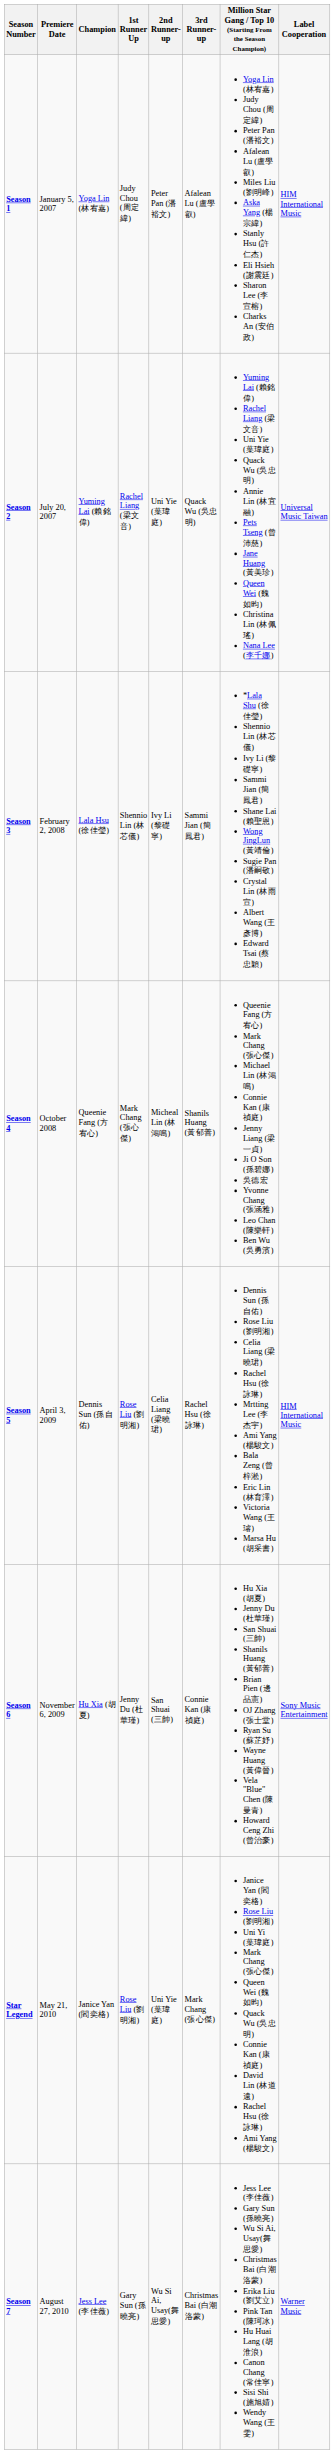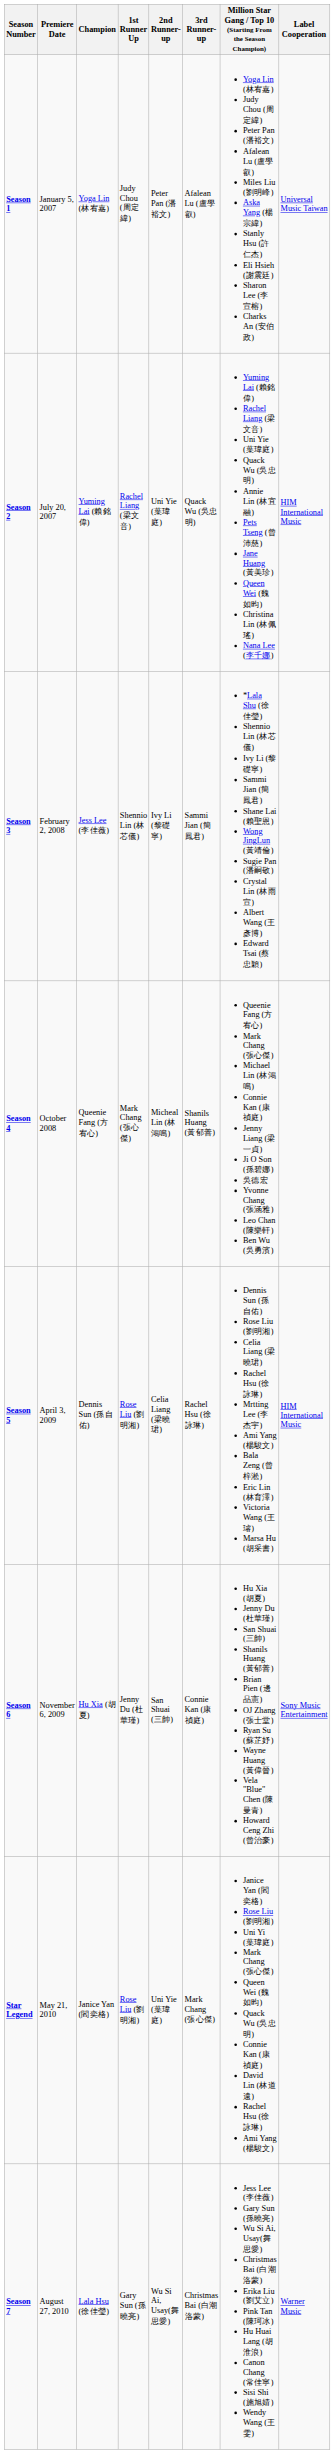 <table class="wikitable" | width="100%">
 <tr>
 <th align="center">Season<br>Number</th>
 <th align="center">Premiere Date</th>
 <th align="center">Champion</th>
 <th align="center">1st Runner Up</th>
 <th align="center">2nd Runner-up</th>
 <th align="center">3rd Runner-up</th>
 <th align="center">Million Star Gang / Top 10<br><small>(Starting From the Season Champion)</small></th>
 <th align="center">Label Cooperation</th>
 </tr>
 <tr>
 <td><strong><a href='#'>Season 1</a></strong></td>
 <td>January 5, 2007</td>
 <td><a href='#'>Yoga Lin</a> (林宥嘉)</td>
 <td>Judy Chou (周定緯)</td>
 <td>Peter Pan (潘裕文)</td>
 <td>Afalean Lu (盧學叡)</td>
 <td><br><ul><li><a href='#'>Yoga Lin</a> (林宥嘉)</li><li>Judy Chou (周定緯)</li><li>Peter Pan (潘裕文)</li><li>Afalean Lu (盧學叡)</li><li>Miles Liu (劉明峰)</li><li><a href='#'>Aska Yang</a> (楊宗緯)</li><li>Stanly Hsu (許仁杰)</li><li>Eli Hsieh (謝震廷)</li><li>Sharon Lee (李宣榕)</li><li>Charks An (安伯政)</li></ul></td>
-<td><a href='#'>HIM International Music</a></td>
+<td><a href='#'>Universal Music Taiwan</a></td>
 </tr>
 <tr>
 <td><strong><a href='#'>Season 2</a></strong></td>
 <td>July 20, 2007</td>
 <td><a href='#'>Yuming Lai</a> (賴銘偉)</td>
 <td><a href='#'>Rachel Liang</a> (梁文音)</td>
 <td>Uni Yie (葉瑋庭)</td>
 <td>Quack Wu (吳忠明)</td>
 <td><br><ul><li><a href='#'>Yuming Lai</a> (賴銘偉)</li><li><a href='#'>Rachel Liang</a> (梁文音)</li><li>Uni Yie (葉瑋庭)</li><li>Quack Wu (吳忠明)</li><li>Annie Lin (林宜融)</li><li><a href='#'>Pets Tseng</a> (曾沛慈)</li><li><a href='#'>Jane Huang</a> (黃美珍)</li><li><a href='#'>Queen Wei</a> (魏如昀)</li><li>Christina Lin (林佩瑤)</li><li><a href='#'>Nana Lee</a> (<a href='#'>李千娜</a>)</li></ul></td>
-<td><a href='#'>Universal Music Taiwan</a></td>
+<td><a href='#'>HIM International Music</a></td>
 </tr>
 <tr>
 <td><strong><a href='#'>Season 3</a></strong></td>
 <td>February 2, 2008</td>
-<td><a href='#'>Lala Hsu</a> (徐佳瑩)</td>
+<td><a href='#'>Jess Lee</a> (李佳薇)</td>
 <td>Shennio Lin (林芯儀)</td>
 <td>Ivy Li (黎礎寧)</td>
 <td>Sammi Jian (簡鳳君)</td>
 <td><br><ul><li>*<a href='#'>Lala Shu</a> (徐佳瑩)</li><li>Shennio Lin (林芯儀)</li><li>Ivy Li (黎礎寧)</li><li>Sammi Jian (簡鳳君)</li><li>Shane Lai (賴聖恩)</li><li><a href='#'>Wong JingLun</a> (黃靖倫)</li><li>Sugie Pan (潘嗣敬)</li><li>Crystal Lin (林雨宣)</li><li>Albert Wang (王彥博)</li><li>Edward Tsai (蔡忠穎)</li></ul></td>
 <td></td>
 </tr>
 <tr>
 <td><strong><a href='#'>Season 4</a></strong></td>
 <td>October 2008</td>
 <td>Queenie Fang (方宥心)</td>
 <td>Mark Chang (張心傑)</td>
 <td>Micheal Lin (林鴻鳴)</td>
 <td>Shanils Huang (黃郁善)</td>
 <td><br><ul><li>Queenie Fang (方宥心)</li><li>Mark Chang (張心傑)</li><li>Michael Lin (林鴻鳴)</li><li>Connie Kan (康禎庭)</li><li>Jenny Liang (梁一貞)</li><li>Ji O Son (孫碧娜)</li><li>吳德宏</li><li>Yvonne Chang (張涵雅)</li><li>Leo Chan (陳樂軒)</li><li>Ben Wu (吳勇濱)</li></ul></td>
 <td></td>
 </tr>
 <tr>
 <td><strong><a href='#'>Season 5</a></strong></td>
 <td>April 3, 2009</td>
 <td>Dennis Sun (孫自佑)</td>
 <td><a href='#'>Rose Liu</a> (劉明湘)</td>
 <td>Celia Liang (梁曉珺)</td>
 <td>Rachel Hsu (徐詠琳)</td>
 <td><br><ul><li>Dennis Sun (孫自佑)</li><li>Rose Liu (劉明湘)</li><li>Celia Liang (梁曉珺)</li><li>Rachel Hsu (徐詠琳)</li><li>Mrtting Lee (李杰宇)</li><li>Ami Yang (楊駿文)</li><li>Bala Zeng (曾梓淞)</li><li>Eric Lin (林育澤)</li><li>Victoria Wang (王璿)</li><li>Marsa Hu (胡采書)</li></ul></td>
 <td><a href='#'>HIM International Music</a></td>
 </tr>
 <tr>
 <td><strong><a href='#'>Season 6</a></strong></td>
 <td>November 6, 2009</td>
 <td><a href='#'>Hu Xia</a> (胡夏)</td>
 <td>Jenny Du (杜華瑾)</td>
 <td>San Shuai (三帥)</td>
 <td>Connie Kan (康禎庭)</td>
 <td><br><ul><li>Hu Xia (胡夏)</li><li>Jenny Du (杜華瑾)</li><li>San Shuai (三帥)</li><li>Shanils Huang (黃郁善)</li><li>Brian Pien (邊品憲)</li><li>OJ Zhang (張士堂)</li><li>Ryan Su (蘇芷妤)</li><li>Wayne Huang (黃偉晉)</li><li>Vela "Blue" Chen (陳曼青)</li><li>Howard Ceng Zhi (曾治豪)</li></ul></td>
 <td><a href='#'>Sony Music Entertainment</a></td>
 </tr>
 <tr>
 <td><strong><a href='#'>Star Legend</a></strong></td>
 <td>May 21, 2010</td>
 <td>Janice Yan (閻奕格)</td>
 <td><a href='#'>Rose Liu</a> (劉明湘)</td>
 <td>Uni Yie (葉瑋庭)</td>
 <td>Mark Chang (張心傑)</td>
 <td><br><ul><li>Janice Yan (閻奕格)</li><li><a href='#'>Rose Liu</a> (劉明湘)</li><li>Uni Yi (葉瑋庭)</li><li>Mark Chang (張心傑)</li><li>Queen Wei (魏如昀)</li><li>Quack Wu (吳忠明)</li><li>Connie Kan (康禎庭)</li><li>David Lin (林道遠)</li><li>Rachel Hsu (徐詠琳)</li><li>Ami Yang (楊駿文)</li></ul></td>
 <td></td>
 </tr>
 <tr>
 <td><strong><a href='#'>Season 7</a></strong></td>
 <td>August 27, 2010</td>
-<td><a href='#'>Jess Lee</a> (李佳薇)</td>
+<td><a href='#'>Lala Hsu</a> (徐佳瑩)</td>
 <td>Gary Sun (孫曉亮)</td>
 <td>Wu Si Ai, Usay(舞思愛)</td>
 <td>Christmas Bai (白潮洛蒙)</td>
 <td><br><ul><li>Jess Lee (李佳薇)</li><li>Gary Sun (孫曉亮)</li><li>Wu Si Ai, Usay(舞思愛)</li><li>Christmas Bai (白潮洛蒙)</li><li>Erika Liu (劉艾立)</li><li>Pink Tan (陳珂冰)</li><li>Hu Huai Lang (胡淮浪)</li><li>Canon Chang (常佳寧)</li><li>Sisi Shi (施旭婧)</li><li>Wendy Wang (王雯)</li></ul></td>
 <td><a href='#'>Warner Music</a></td>
 </tr>
 </table>
